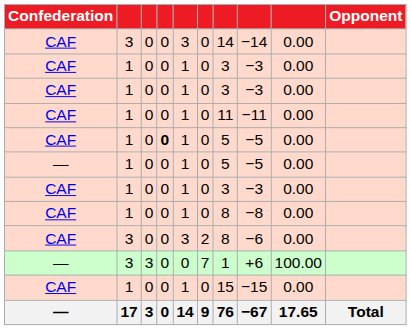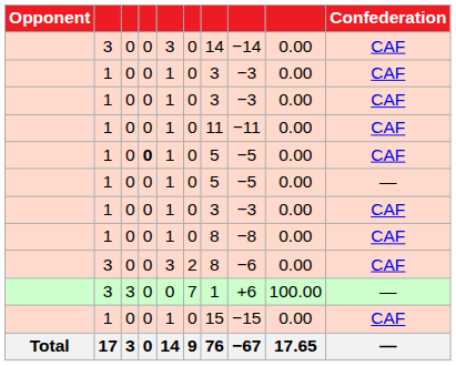 <table class="wikitable sortable" style="text-align:center;">
 <tr style="color:white">
-<th style="background-color:#ED1C24;color:white">Confederation</th>
+<th style="background-color:#ED1C24;color:white">Opponent</th>
 <th style="background-color:#ED1C24;"></th>
 <th style="background-color:#ED1C24;"></th>
 <th style="background-color:#ED1C24;"></th>
 <th style="background-color:#ED1C24;"></th>
 <th style="background-color:#ED1C24;"></th>
 <th style="background-color:#ED1C24;"></th>
 <th style="background-color:#ED1C24;"></th>
 <th style="background-color:#ED1C24;"></th>
-<th style="background-color:#ED1C24;color:white">Opponent</th>
+<th style="background-color:#ED1C24;color:white">Confederation</th>
 </tr>
 <tr bgcolor=FFDACC>
-<td><a href='#'>CAF</a></td>
+<td style="text-align:left;"></td>
 <td>3</td>
 <td>0</td>
 <td>0</td>
 <td>3</td>
 <td>0</td>
 <td>14</td>
 <td>−14</td>
 <td>0.00</td>
-<td style="text-align:left;"></td>
+<td><a href='#'>CAF</a></td>
 </tr>
 <tr bgcolor=FFDACC>
-<td><a href='#'>CAF</a></td>
+<td style="text-align:left;"></td>
 <td>1</td>
 <td>0</td>
 <td>0</td>
 <td>1</td>
 <td>0</td>
 <td>3</td>
 <td>−3</td>
 <td>0.00</td>
-<td style="text-align:left;"></td>
+<td><a href='#'>CAF</a></td>
 </tr>
 <tr bgcolor=FFDACC>
-<td><a href='#'>CAF</a></td>
+<td style="text-align:left;"></td>
 <td>1</td>
 <td>0</td>
 <td>0</td>
 <td>1</td>
 <td>0</td>
 <td>3</td>
 <td>−3</td>
 <td>0.00</td>
-<td style="text-align:left;"></td>
+<td><a href='#'>CAF</a></td>
 </tr>
 <tr bgcolor=FFDACC>
-<td><a href='#'>CAF</a></td>
+<td style="text-align:left;"></td>
 <td>1</td>
 <td>0</td>
 <td>0</td>
 <td>1</td>
 <td>0</td>
 <td>11</td>
 <td>−11</td>
 <td>0.00</td>
-<td style="text-align:left;"></td>
+<td><a href='#'>CAF</a></td>
 </tr>
 <tr bgcolor=FFDACC>
-<td><a href='#'>CAF</a></td>
+<td style="text-align:left;"></td>
 <td>1</td>
 <td>0</td>
 <td><strong>0</strong></td>
 <td>1</td>
 <td>0</td>
 <td>5</td>
 <td>−5</td>
 <td>0.00</td>
-<td style="text-align:left;"></td>
+<td><a href='#'>CAF</a></td>
 </tr>
 <tr bgcolor=FFDACC>
-<td>—</td>
+<td style="text-align:left;"></td>
 <td>1</td>
 <td>0</td>
 <td>0</td>
 <td>1</td>
 <td>0</td>
 <td>5</td>
 <td>−5</td>
 <td>0.00</td>
-<td style="text-align:left;"></td>
+<td>—</td>
 </tr>
 <tr bgcolor=FFDACC>
-<td><a href='#'>CAF</a></td>
+<td style="text-align:left;"></td>
 <td>1</td>
 <td>0</td>
 <td>0</td>
 <td>1</td>
 <td>0</td>
 <td>3</td>
 <td>−3</td>
 <td>0.00</td>
-<td style="text-align:left;"></td>
+<td><a href='#'>CAF</a></td>
 </tr>
 <tr bgcolor=FFDACC>
-<td><a href='#'>CAF</a></td>
+<td style="text-align:left;"></td>
 <td>1</td>
 <td>0</td>
 <td>0</td>
 <td>1</td>
 <td>0</td>
 <td>8</td>
 <td>−8</td>
 <td>0.00</td>
-<td style="text-align:left;"></td>
+<td><a href='#'>CAF</a></td>
 </tr>
 <tr bgcolor=FFDACC>
-<td><a href='#'>CAF</a></td>
+<td style="text-align:left;"></td>
 <td>3</td>
 <td>0</td>
 <td>0</td>
 <td>3</td>
 <td>2</td>
 <td>8</td>
 <td>−6</td>
 <td>0.00</td>
-<td style="text-align:left;"></td>
+<td><a href='#'>CAF</a></td>
 </tr>
 <tr bgcolor=CCFFCC>
-<td>—</td>
+<td style="text-align:left;"></td>
 <td>3</td>
 <td>3</td>
 <td>0</td>
 <td>0</td>
 <td>7</td>
 <td>1</td>
 <td>+6</td>
 <td>100.00</td>
-<td style="text-align:left;"></td>
+<td>—</td>
 </tr>
 <tr bgcolor=FFDACC>
-<td><a href='#'>CAF</a></td>
+<td style="text-align:left;"></td>
 <td>1</td>
 <td>0</td>
 <td>0</td>
 <td>1</td>
 <td>0</td>
 <td>15</td>
 <td>−15</td>
 <td>0.00</td>
-<td style="text-align:left;"></td>
+<td><a href='#'>CAF</a></td>
 </tr>
 <tr>
-<th>—</th>
+<th>Total</th>
 <th>17</th>
 <th>3</th>
 <th>0</th>
 <th>14</th>
 <th>9</th>
 <th>76</th>
 <th>−67</th>
 <th>17.65</th>
-<th>Total</th>
+<th>—</th>
 </tr>
 </table>
